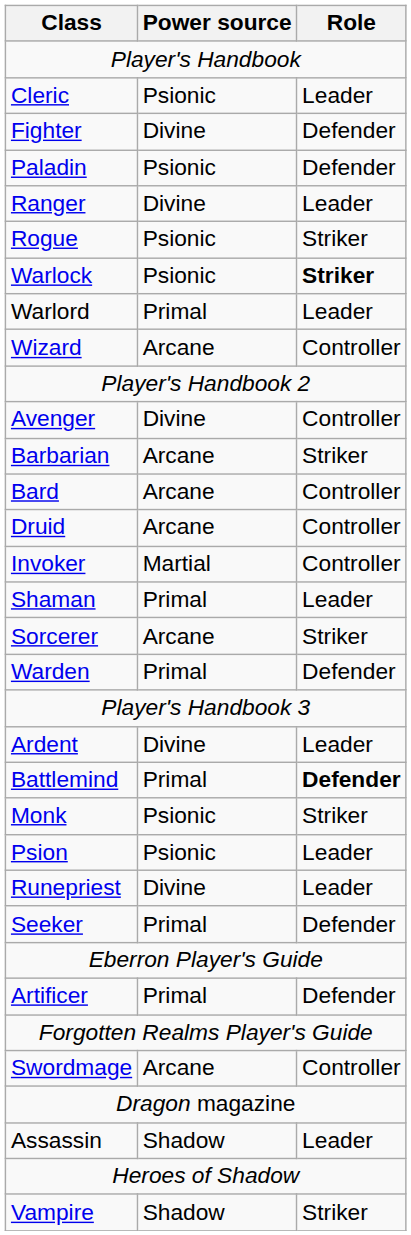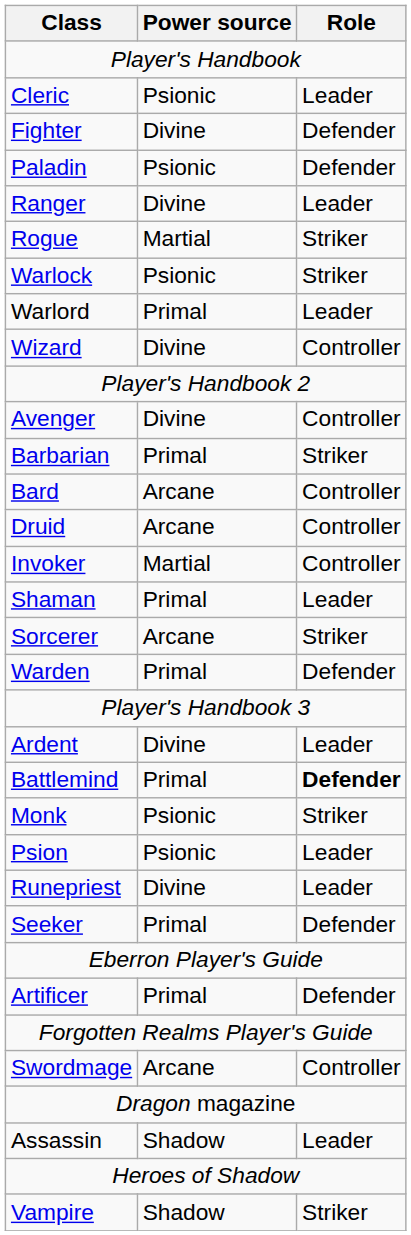 <table class="wikitable" style="float: right">
 <tr>
 <th>Class</th>
 <th>Power source</th>
 <th>Role</th>
 </tr>
 <tr>
 <td colspan="3" style="text-align: center"><em>Player's Handbook</em></td>
 </tr>
 <tr>
 <td><a href='#'>Cleric</a></td>
 <td>Psionic</td>
 <td>Leader</td>
 </tr>
 <tr>
 <td><a href='#'>Fighter</a></td>
 <td>Divine</td>
 <td>Defender</td>
 </tr>
 <tr>
 <td><a href='#'>Paladin</a></td>
 <td>Psionic</td>
 <td>Defender</td>
 </tr>
 <tr>
 <td><a href='#'>Ranger</a></td>
 <td>Divine</td>
 <td>Leader</td>
 </tr>
 <tr>
 <td><a href='#'>Rogue</a></td>
-<td>Psionic</td>
+<td>Martial</td>
 <td>Striker</td>
 </tr>
 <tr>
 <td><a href='#'>Warlock</a></td>
 <td>Psionic</td>
-<td><strong>Striker</strong></td>
+<td>Striker</td>
 </tr>
 <tr>
 <td>Warlord</td>
 <td>Primal</td>
 <td>Leader</td>
 </tr>
 <tr>
 <td><a href='#'>Wizard</a></td>
-<td>Arcane</td>
+<td>Divine</td>
 <td>Controller</td>
 </tr>
 <tr>
 <td colspan="3" style="text-align: center"><em>Player's Handbook 2</em></td>
 </tr>
 <tr>
 <td><a href='#'>Avenger</a></td>
 <td>Divine</td>
 <td>Controller</td>
 </tr>
 <tr>
 <td><a href='#'>Barbarian</a></td>
-<td>Arcane</td>
+<td>Primal</td>
 <td>Striker</td>
 </tr>
 <tr>
 <td><a href='#'>Bard</a></td>
 <td>Arcane</td>
 <td>Controller</td>
 </tr>
 <tr>
 <td><a href='#'>Druid</a></td>
 <td>Arcane</td>
 <td>Controller</td>
 </tr>
 <tr>
 <td><a href='#'>Invoker</a></td>
 <td>Martial</td>
 <td>Controller</td>
 </tr>
 <tr>
 <td><a href='#'>Shaman</a></td>
 <td>Primal</td>
 <td>Leader</td>
 </tr>
 <tr>
 <td><a href='#'>Sorcerer</a></td>
 <td>Arcane</td>
 <td>Striker</td>
 </tr>
 <tr>
 <td><a href='#'>Warden</a></td>
 <td>Primal</td>
 <td>Defender</td>
 </tr>
 <tr>
 <td colspan="3" style="text-align: center"><em> Player's Handbook 3</em></td>
 </tr>
 <tr>
 <td><a href='#'>Ardent</a></td>
 <td>Divine</td>
 <td>Leader</td>
 </tr>
 <tr>
 <td><a href='#'>Battlemind</a></td>
 <td>Primal</td>
 <td><strong>Defender</strong></td>
 </tr>
 <tr>
 <td><a href='#'>Monk</a></td>
 <td>Psionic</td>
 <td>Striker</td>
 </tr>
 <tr>
 <td><a href='#'>Psion</a></td>
 <td>Psionic</td>
 <td>Leader</td>
 </tr>
 <tr>
 <td><a href='#'>Runepriest</a></td>
 <td>Divine</td>
 <td>Leader</td>
 </tr>
 <tr>
 <td><a href='#'>Seeker</a></td>
 <td>Primal</td>
 <td>Defender</td>
 </tr>
 <tr>
 <td colspan="3" style="text-align: center"><em>Eberron Player's Guide</em></td>
 </tr>
 <tr>
 <td><a href='#'>Artificer</a></td>
 <td>Primal</td>
 <td>Defender</td>
 </tr>
 <tr>
 <td colspan="3" style="text-align: center"><em>Forgotten Realms Player's Guide</em></td>
 </tr>
 <tr>
 <td><a href='#'>Swordmage</a></td>
 <td>Arcane</td>
 <td>Controller</td>
 </tr>
 <tr>
 <td colspan="3" style="text-align: center"><em>Dragon</em> magazine</td>
 </tr>
 <tr>
 <td>Assassin</td>
 <td>Shadow</td>
 <td>Leader</td>
 </tr>
 <tr>
 <td colspan="3" style="text-align: center"><em>Heroes of Shadow</em></td>
 </tr>
 <tr>
 <td><a href='#'>Vampire</a></td>
 <td>Shadow</td>
 <td>Striker</td>
 </tr>
 </table>
